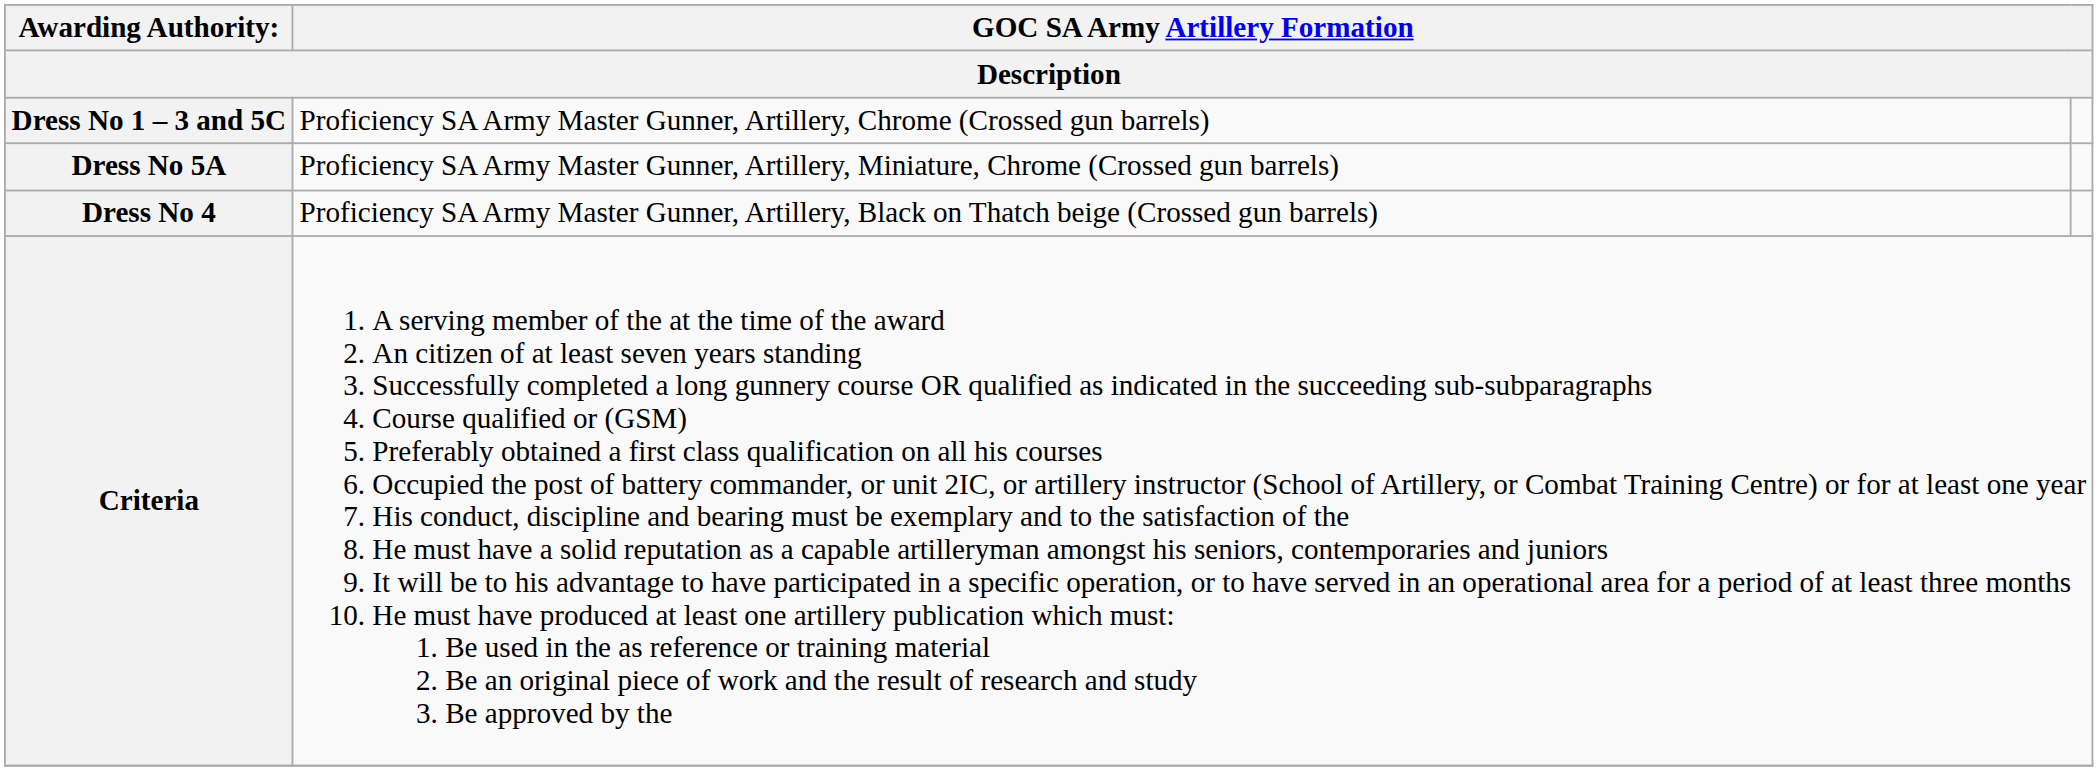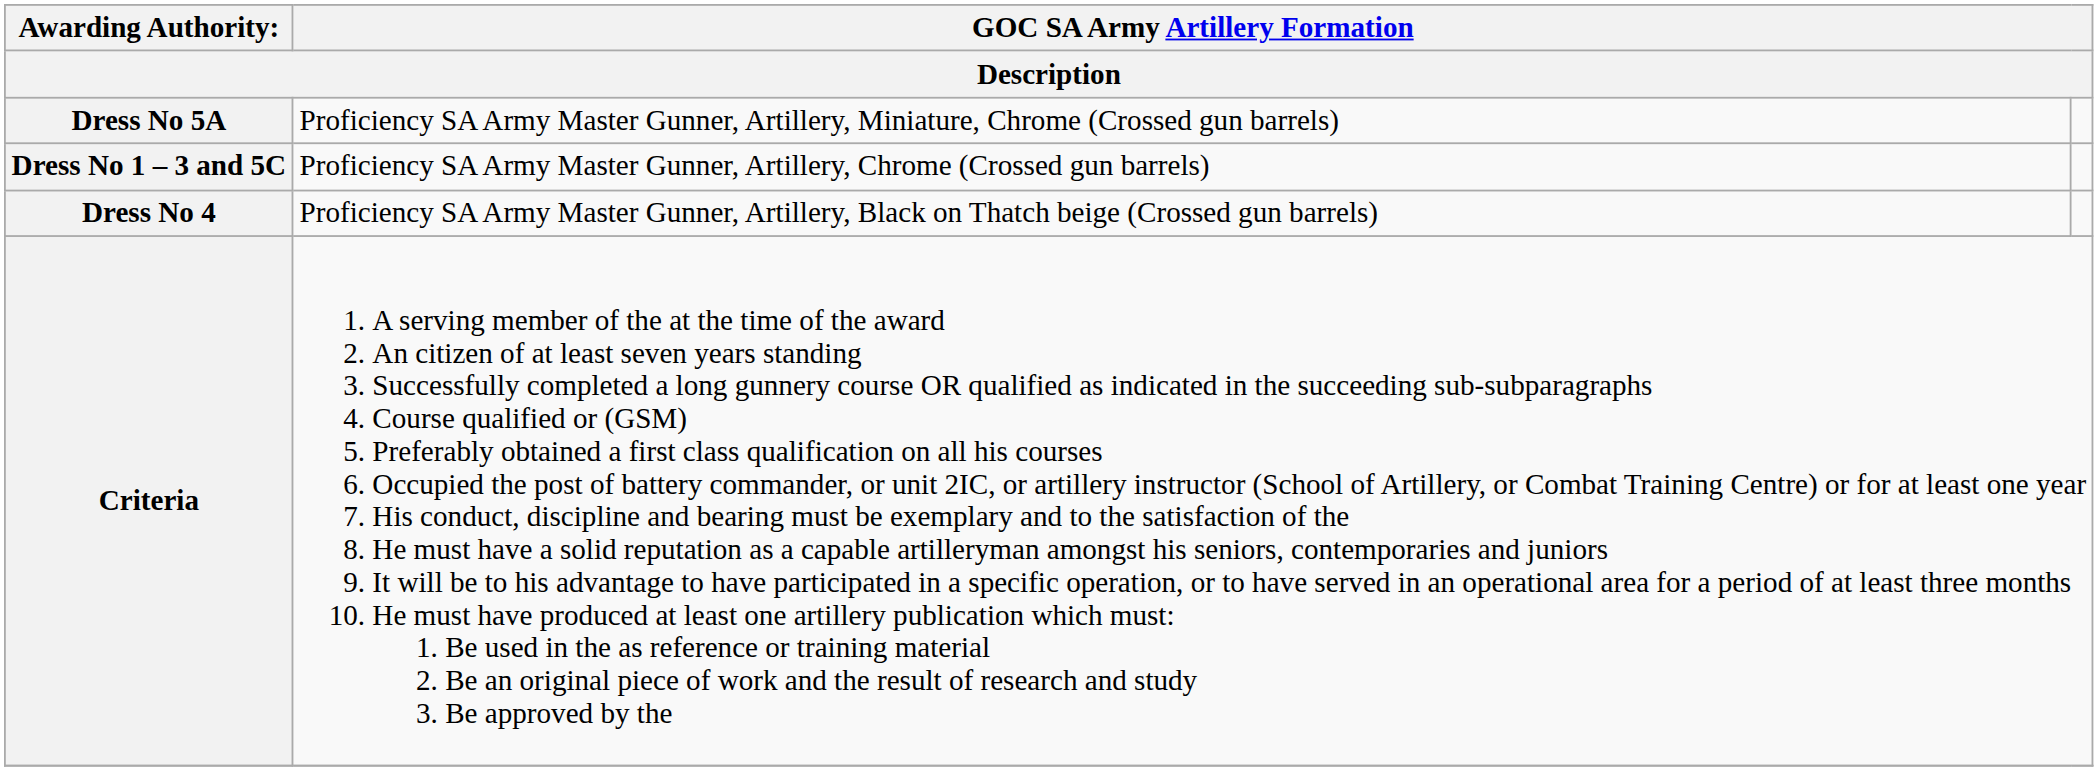 <table class=wikitable style="text-align: left;">
 <tr>
 <th><strong>Awarding Authority</strong>:</th>
 <th colspan="2">GOC SA Army <a href='#'>Artillery Formation</a></th>
 </tr>
 <tr>
 <th colspan="3">Description</th>
 </tr>
 <tr>
-<th>Dress No 1 – 3 and 5C</th>
-<td>Proficiency SA Army Master Gunner, Artillery, Chrome (Crossed gun barrels)</td>
+<th>Dress No 5A</th>
+<td>Proficiency SA Army Master Gunner, Artillery, Miniature, Chrome (Crossed gun barrels)</td>
 <td></td>
 </tr>
 <tr>
-<th>Dress No 5A</th>
-<td>Proficiency SA Army Master Gunner, Artillery, Miniature, Chrome (Crossed gun barrels)</td>
+<th>Dress No 1 – 3 and 5C</th>
+<td>Proficiency SA Army Master Gunner, Artillery, Chrome (Crossed gun barrels)</td>
 <td></td>
 </tr>
 <tr>
 <th>Dress No 4</th>
 <td>Proficiency SA Army Master Gunner, Artillery, Black on Thatch beige (Crossed gun barrels)</td>
 <td></td>
 </tr>
 <tr>
 <th>Criteria</th>
 <td colspan="2"><br><ol><li>A serving member of the  at the time of the award</li><li>An  citizen of at least seven years standing</li><li>Successfully completed a long gunnery course OR qualified as indicated in the succeeding sub-subparagraphs</li><li>Course qualified  or  (GSM)</li><li>Preferably obtained a first class qualification on all his  courses</li><li>Occupied the post of battery commander, or unit 2IC, or artillery instructor (School of Artillery, or Combat Training Centre) or  for at least one year</li><li>His conduct, discipline and bearing must be exemplary and to the satisfaction of the </li><li>He must have a solid reputation as a capable artilleryman amongst his seniors, contemporaries and juniors</li><li>It will be to his advantage to have participated in a specific operation, or to have served in an operational area for a period of at least three months</li><li>He must have produced at least one artillery publication which must:<ol><li>Be used in the  as reference or training material</li><li>Be an original piece of work and the result of research and study</li><li>Be approved by the </li></ol></li></ol></td>
 </tr>
 <tr>
 </tr>
 </table>
